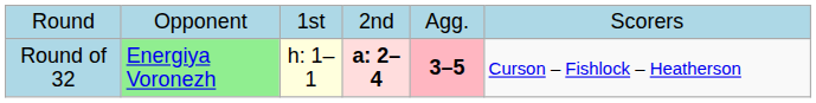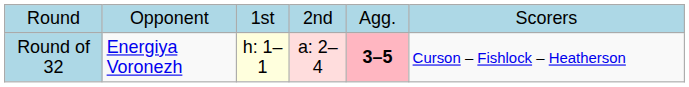 <table class="wikitable" style="text-align:center">
 <tr bgcolor=lightblue>
 <td width=150px>Round</td>
 <td width=200px>Opponent</td>
 <td width=80px>1st</td>
 <td width=80px>2nd</td>
 <td width=80px>Agg.</td>
 <td width=600px>Scorers</td>
 </tr>
 <tr>
 <td bgcolor=lightblue>Round of 32</td>
-<td align=left style="background: lightgreen;"> <a href='#'>Energiya Voronezh</a></td>
+<td align=left> <a href='#'>Energiya Voronezh</a></td>
 <td bgcolor="#ffffdd">h: 1–1</td>
-<td bgcolor="#ffdddd"><strong>a: 2–4</strong></td>
+<td bgcolor="#ffdddd">a: 2–4</td>
 <td bgcolor=lightpink><strong>3–5</strong></td>
 <td align=left><small><a href='#'>Curson</a> – <a href='#'>Fishlock</a> – <a href='#'>Heatherson</a></small></td>
 </tr>
 </table>
